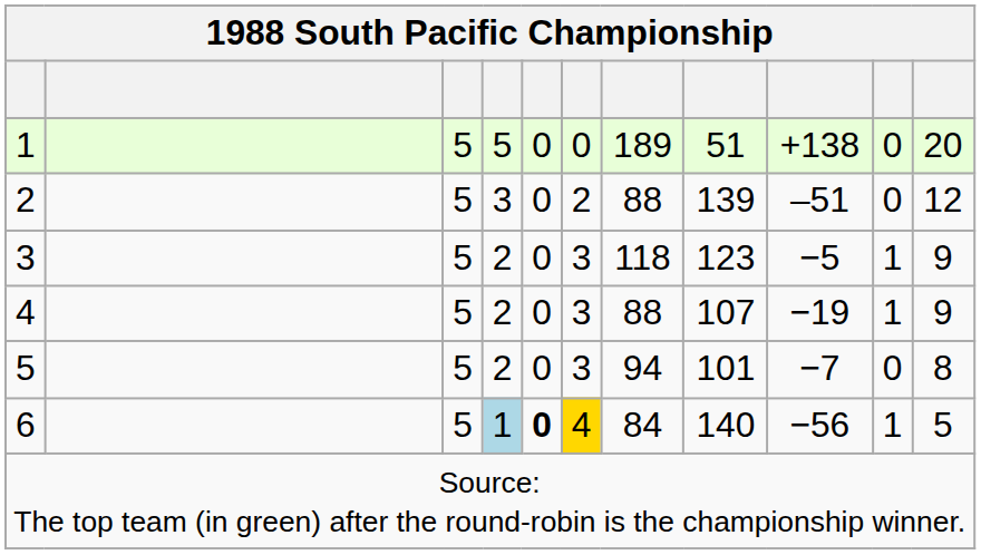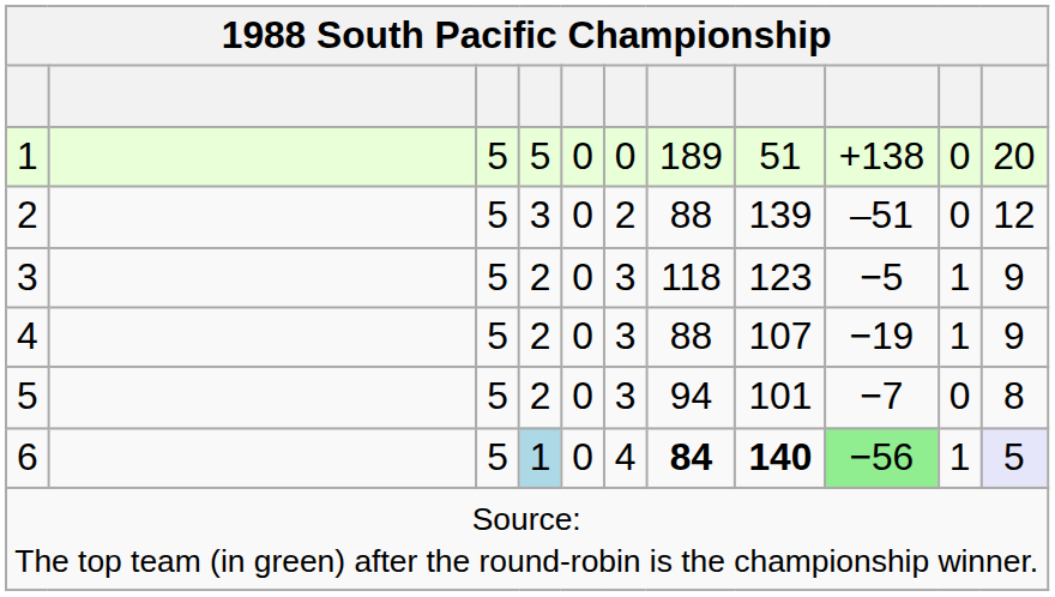 <table class="wikitable" style="text-align:center;">
 <tr>
 <th colspan="100%">1988 South Pacific Championship</th>
 </tr>
 <tr>
 <th style="padding-right:1px;"></th>
 <th style="width:10.8em;"></th>
 <th></th>
 <th></th>
 <th></th>
 <th></th>
 <th></th>
 <th></th>
 <th></th>
 <th></th>
 <th><br></th>
 </tr>
 <tr style="background:#e8ffd8;">
 <td>1</td>
 <td style=text-align:left></td>
 <td>5</td>
 <td>5</td>
 <td>0</td>
 <td>0</td>
 <td>189</td>
 <td>51</td>
 <td>+138</td>
 <td>0</td>
 <td>20</td>
 </tr>
 <tr>
 <td>2</td>
 <td style=text-align:left></td>
 <td>5</td>
 <td>3</td>
 <td>0</td>
 <td>2</td>
 <td>88</td>
 <td>139</td>
 <td>–51</td>
 <td>0</td>
 <td>12</td>
 </tr>
 <tr>
 <td>3</td>
 <td style=text-align:left></td>
 <td>5</td>
 <td>2</td>
 <td>0</td>
 <td>3</td>
 <td>118</td>
 <td>123</td>
 <td>−5</td>
 <td>1</td>
 <td>9</td>
 </tr>
 <tr>
 <td>4</td>
 <td style=text-align:left></td>
 <td>5</td>
 <td>2</td>
 <td>0</td>
 <td>3</td>
 <td>88</td>
 <td>107</td>
 <td>−19</td>
 <td>1</td>
 <td>9</td>
 </tr>
 <tr>
 <td>5</td>
 <td style=text-align:left></td>
 <td>5</td>
 <td>2</td>
 <td>0</td>
 <td>3</td>
 <td>94</td>
 <td>101</td>
 <td>−7</td>
 <td>0</td>
 <td>8</td>
 </tr>
 <tr>
 <td>6</td>
 <td style=text-align:left></td>
 <td>5</td>
 <td style="background: lightblue;">1</td>
-<td><strong>0</strong></td>
-<td style="background: gold;">4</td>
-<td>84</td>
-<td>140</td>
-<td>−56</td>
+<td>0</td>
+<td>4</td>
+<td><strong>84</strong></td>
+<td><strong>140</strong></td>
+<td style="background: lightgreen;">−56</td>
 <td>1</td>
-<td>5</td>
+<td style="background: lavender;">5</td>
 </tr>
 <tr>
 <td colspan="100%" style="border:0;"><small>Source: <br>The top team <span>(in green)</span> after the round-robin is the championship winner.</small></td>
 </tr>
 </table>
